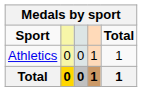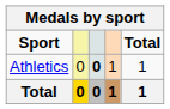 <table class="wikitable" style="font-size:85%; float:right">
 <tr style="background:#efefef;">
 <th colspan=7><strong>Medals by sport</strong></th>
 </tr>
 <tr align=center>
 <td><strong>Sport</strong></td>
 <td style="background:#f7f6a8;"></td>
 <td style="background:#dce5e5;"></td>
 <td style="background:#ffdab9;"></td>
 <td><strong>Total</strong></td>
 </tr>
 <tr align=center>
 <td><a href='#'>Athletics</a></td>
 <td style="background:#f7f6a8;">0</td>
-<td style="background:#dce5e5;">0</td>
+<td style="background:#dce5e5;"><strong>0</strong></td>
 <td style="background:#ffdab9;">1</td>
 <td>1</td>
 </tr>
 <tr align=center>
 <th><strong>Total</strong></th>
 <th style="background:gold;"><strong>0</strong></th>
 <th style="background:silver;"><strong>0</strong></th>
 <th style="background:#c96;"><strong>1</strong></th>
 <th><strong>1</strong></th>
 </tr>
 </table>
